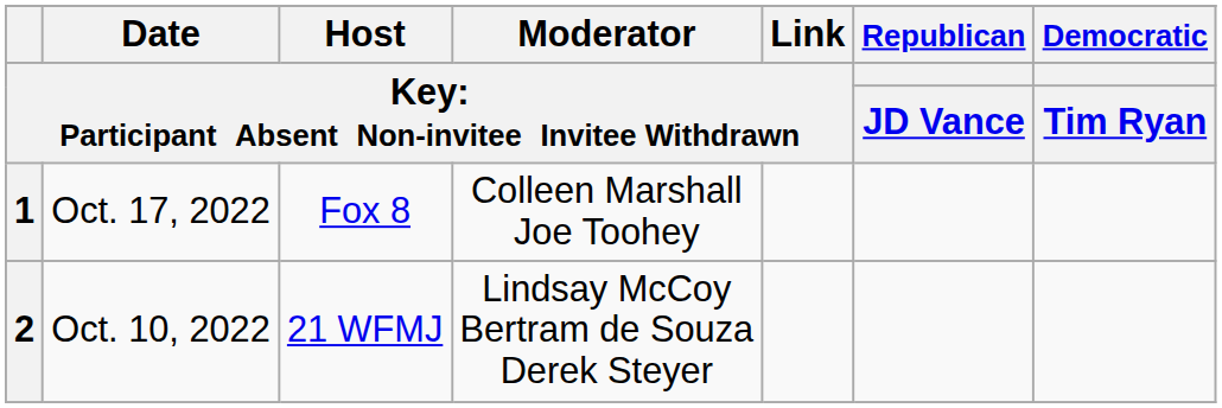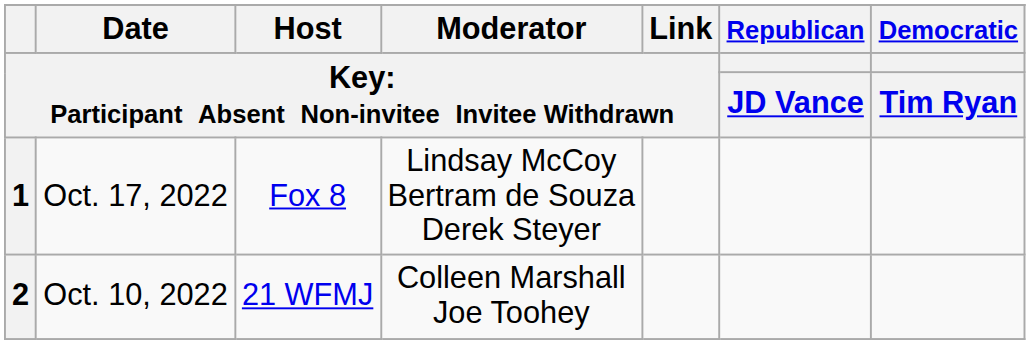 <table class="wikitable" style="text-align:center;">
 <tr style="font-size:small;">
 </tr>
 <tr>
 <th scope="col"></th>
 <th scope="col">Date</th>
 <th scope="col">Host</th>
 <th scope="col">Moderator</th>
 <th scope="col">Link</th>
 <th scope="col"><small><a href='#'>Republican</a></small></th>
 <th scope="col"><small><a href='#'>Democratic</a></small></th>
 </tr>
 <tr>
 <th colspan="5" rowspan="2">Key:<br> <small>Participant </small>  <small>Absent </small>  <small>Non-invitee </small>  <small>Invitee  Withdrawn</small></th>
 <th scope="col" style="background:"></th>
 <th scope="col" style="background:"></th>
 </tr>
 <tr>
 <th scope="col"><a href='#'>JD Vance</a></th>
 <th scope="col"><a href='#'>Tim Ryan</a></th>
 </tr>
 <tr>
 <th scope="row">1</th>
 <td style="white-space:nowrap;">Oct. 17, 2022</td>
 <td style="white-space:nowrap;"><a href='#'>Fox 8</a></td>
-<td style="white-space:nowrap;">Colleen Marshall<br>Joe Toohey</td>
+<td style="white-space:nowrap;">Lindsay McCoy<br>Bertram de Souza<br>Derek Steyer</td>
 <td style="white-space:nowrap;"></td>
 <td></td>
 <td></td>
 </tr>
 <tr>
 <th scope="row">2</th>
 <td style="white-space:nowrap;">Oct. 10, 2022</td>
 <td style="white-space:nowrap;"><a href='#'>21 WFMJ</a></td>
-<td style="white-space:nowrap;">Lindsay McCoy<br>Bertram de Souza<br>Derek Steyer</td>
+<td style="white-space:nowrap;">Colleen Marshall<br>Joe Toohey</td>
 <td style="white-space:nowrap;"></td>
 <td></td>
 <td></td>
 </tr>
 </table>
